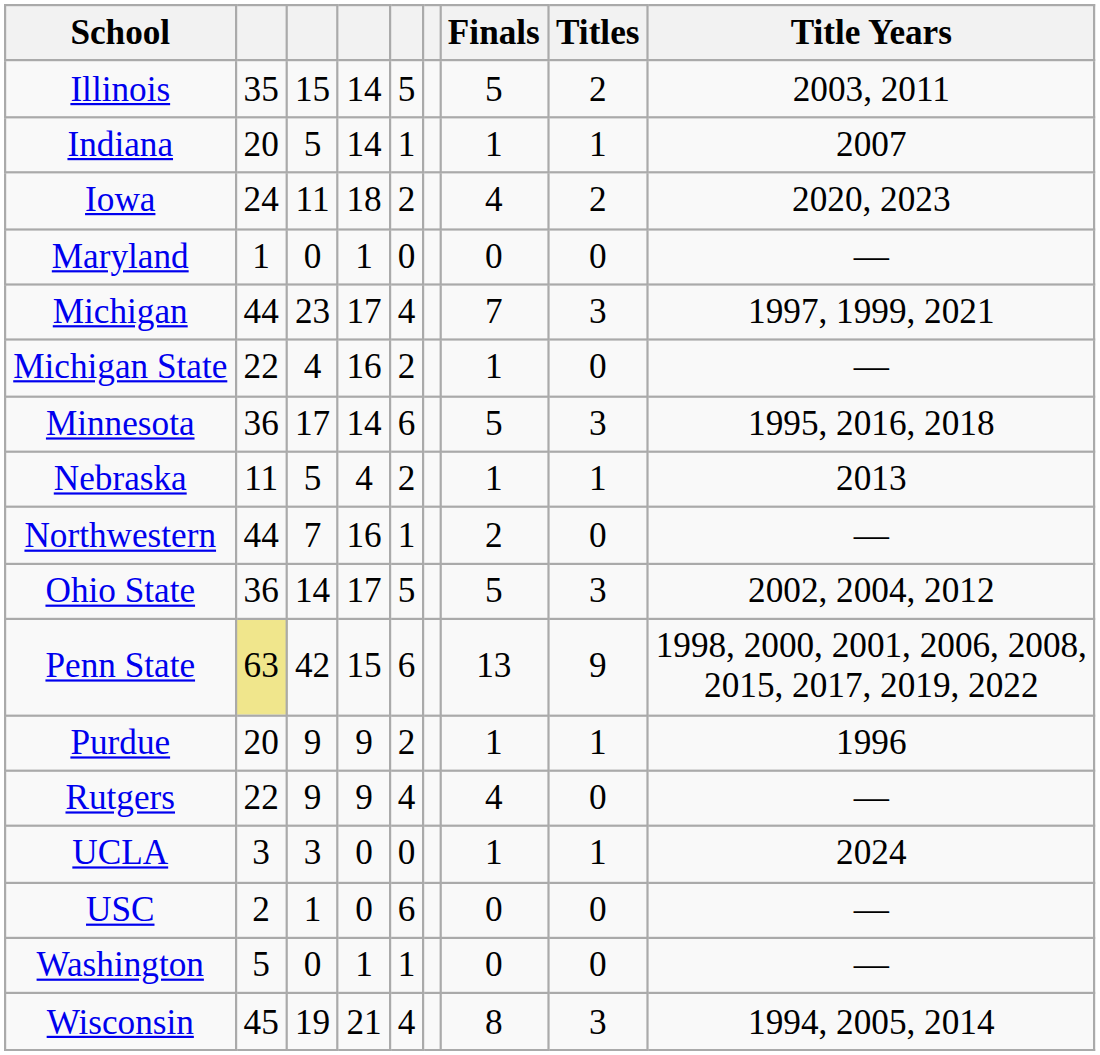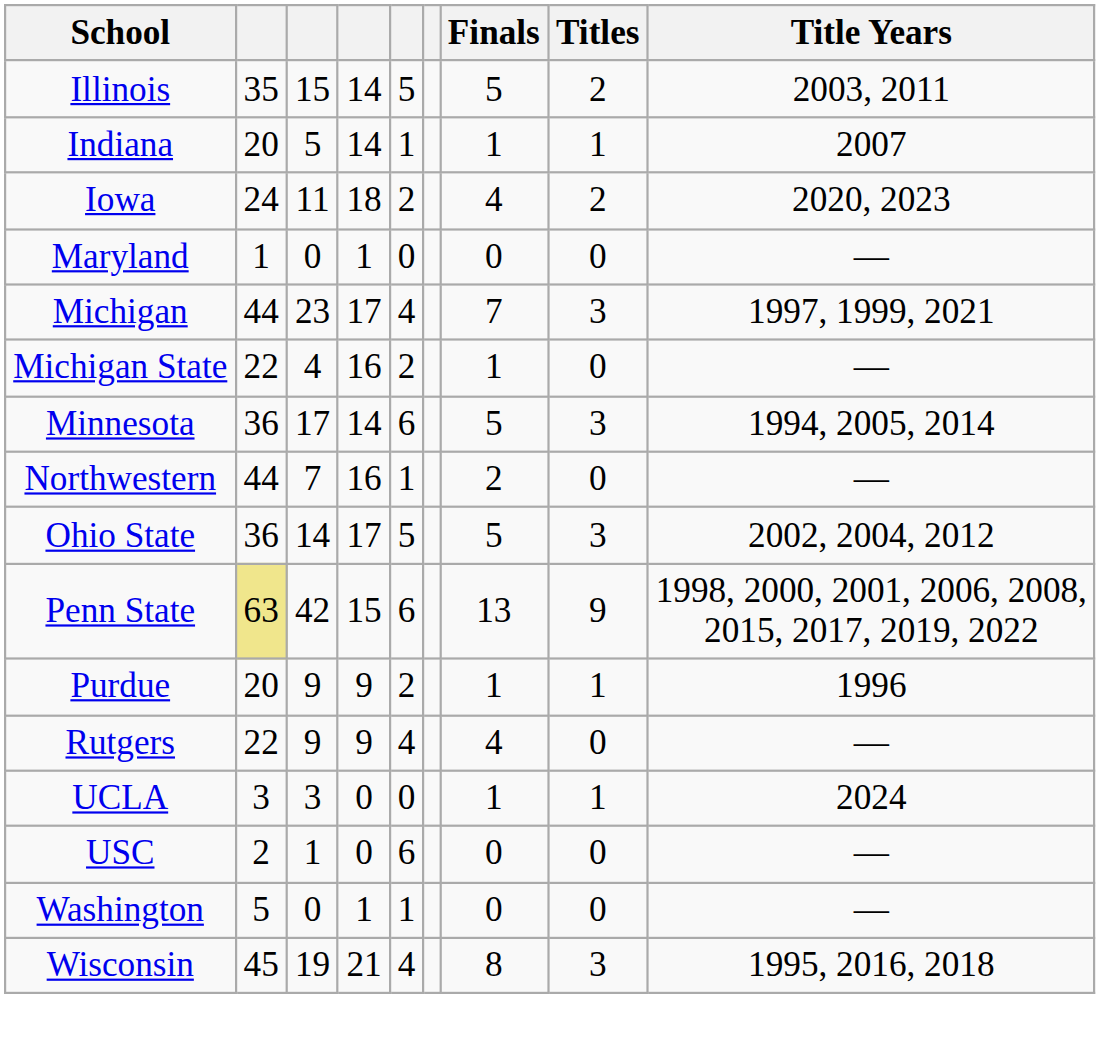 <table class="wikitable sortable" style="text-align:center;">
 <tr>
 <th width=px>School</th>
 <th width=px></th>
 <th width=px></th>
 <th width=px></th>
 <th width=px></th>
 <th width=px></th>
 <th width=px>Finals</th>
 <th width=px>Titles</th>
 <th width=px>Title Years</th>
 </tr>
 <tr>
 <td><a href='#'>Illinois</a></td>
 <td>35</td>
 <td>15</td>
 <td>14</td>
 <td>5</td>
 <td></td>
 <td>5</td>
 <td>2</td>
 <td>2003, 2011</td>
 </tr>
 <tr>
 <td><a href='#'>Indiana</a></td>
 <td>20</td>
 <td>5</td>
 <td>14</td>
 <td>1</td>
 <td></td>
 <td>1</td>
 <td>1</td>
 <td>2007</td>
 </tr>
 <tr>
 <td><a href='#'>Iowa</a></td>
 <td>24</td>
 <td>11</td>
 <td>18</td>
 <td>2</td>
 <td></td>
 <td>4</td>
 <td>2</td>
 <td>2020, 2023</td>
 </tr>
 <tr>
 <td><a href='#'>Maryland</a></td>
 <td>1</td>
 <td>0</td>
 <td>1</td>
 <td>0</td>
 <td></td>
 <td>0</td>
 <td>0</td>
 <td>—</td>
 </tr>
 <tr>
 <td><a href='#'>Michigan</a></td>
 <td>44</td>
 <td>23</td>
 <td>17</td>
 <td>4</td>
 <td></td>
 <td>7</td>
 <td>3</td>
 <td>1997, 1999, 2021</td>
 </tr>
 <tr>
 <td><a href='#'>Michigan State</a></td>
 <td>22</td>
 <td>4</td>
 <td>16</td>
 <td>2</td>
 <td></td>
 <td>1</td>
 <td>0</td>
 <td>—</td>
 </tr>
 <tr>
 <td><a href='#'>Minnesota</a></td>
 <td>36</td>
 <td>17</td>
 <td>14</td>
 <td>6</td>
 <td></td>
 <td>5</td>
 <td>3</td>
-<td>1995, 2016, 2018</td>
-</tr>
-<tr>
-<td><a href='#'>Nebraska</a></td>
-<td>11</td>
-<td>5</td>
-<td>4</td>
-<td>2</td>
-<td></td>
-<td>1</td>
-<td>1</td>
-<td>2013</td>
+<td>1994, 2005, 2014</td>
 </tr>
 <tr>
 <td><a href='#'>Northwestern</a></td>
 <td>44</td>
 <td>7</td>
 <td>16</td>
 <td>1</td>
 <td></td>
 <td>2</td>
 <td>0</td>
 <td>—</td>
 </tr>
 <tr>
 <td><a href='#'>Ohio State</a></td>
 <td>36</td>
 <td>14</td>
 <td>17</td>
 <td>5</td>
 <td></td>
 <td>5</td>
 <td>3</td>
 <td>2002, 2004, 2012</td>
 </tr>
 <tr>
 <td><a href='#'>Penn State</a></td>
 <td style="background: khaki;">63</td>
 <td>42</td>
 <td>15</td>
 <td>6</td>
 <td></td>
 <td>13</td>
 <td>9</td>
 <td>1998, 2000, 2001, 2006, 2008,<br>2015, 2017, 2019, 2022</td>
 </tr>
 <tr>
 <td><a href='#'>Purdue</a></td>
 <td>20</td>
 <td>9</td>
 <td>9</td>
 <td>2</td>
 <td></td>
 <td>1</td>
 <td>1</td>
 <td>1996</td>
 </tr>
 <tr>
 <td><a href='#'>Rutgers</a></td>
 <td>22</td>
 <td>9</td>
 <td>9</td>
 <td>4</td>
 <td></td>
 <td>4</td>
 <td>0</td>
 <td>—</td>
 </tr>
 <tr>
 <td><a href='#'>UCLA</a></td>
 <td>3</td>
 <td>3</td>
 <td>0</td>
 <td>0</td>
 <td></td>
 <td>1</td>
 <td>1</td>
 <td>2024</td>
 </tr>
 <tr>
 <td><a href='#'>USC</a></td>
 <td>2</td>
 <td>1</td>
 <td>0</td>
 <td>6</td>
 <td></td>
 <td>0</td>
 <td>0</td>
 <td>—</td>
 </tr>
 <tr>
 <td><a href='#'>Washington</a></td>
 <td>5</td>
 <td>0</td>
 <td>1</td>
 <td>1</td>
 <td></td>
 <td>0</td>
 <td>0</td>
 <td>—</td>
 </tr>
 <tr>
 <td><a href='#'>Wisconsin</a></td>
 <td>45</td>
 <td>19</td>
 <td>21</td>
 <td>4</td>
 <td></td>
 <td>8</td>
 <td>3</td>
-<td>1994, 2005, 2014</td>
+<td>1995, 2016, 2018</td>
 </tr>
 </table>
